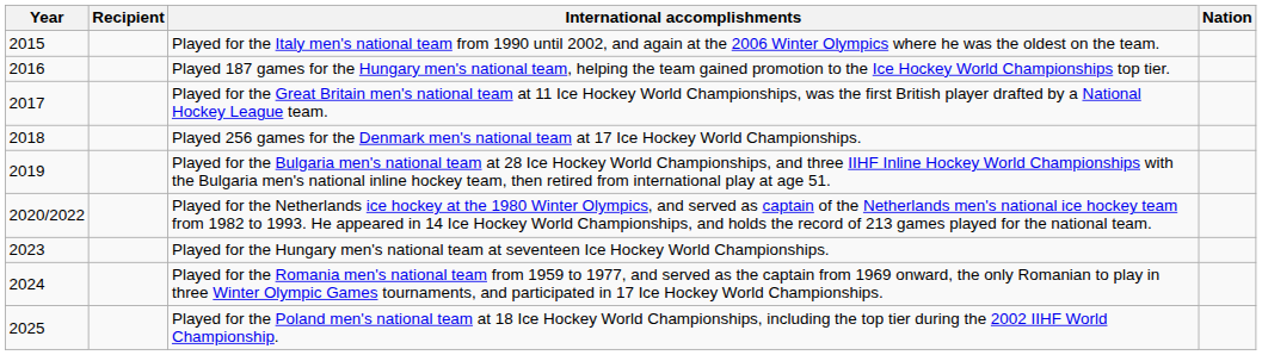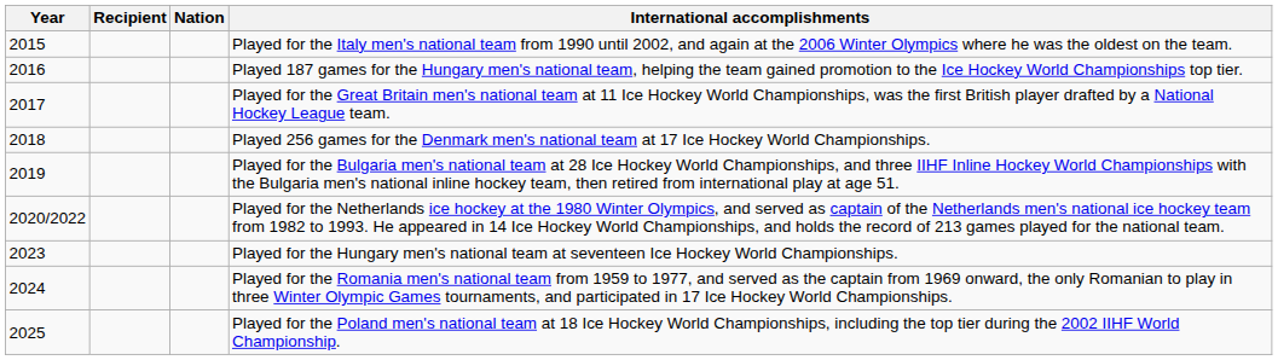 <table class="wikitable sortable">
 <tr>
 <th>Year</th>
 <th>Recipient</th>
+<th>Nation</th>
 <th>International accomplishments</th>
-<th>Nation</th>
 </tr>
 <tr>
 <td>2015</td>
 <td></td>
+<td></td>
 <td>Played for the <a href='#'>Italy men's national team</a> from 1990 until 2002, and again at the <a href='#'>2006 Winter Olympics</a> where he was the oldest on the team.</td>
-<td></td>
 </tr>
 <tr>
 <td>2016</td>
 <td></td>
+<td></td>
 <td>Played 187 games for the <a href='#'>Hungary men's national team</a>, helping the team gained promotion to the <a href='#'>Ice Hockey World Championships</a> top tier.</td>
-<td></td>
 </tr>
 <tr>
 <td>2017</td>
 <td></td>
+<td></td>
 <td>Played for the <a href='#'>Great Britain men's national team</a> at 11 Ice Hockey World Championships, was the first British player drafted by a <a href='#'>National Hockey League</a> team.</td>
-<td></td>
 </tr>
 <tr>
 <td>2018</td>
 <td></td>
+<td></td>
 <td>Played 256 games for the <a href='#'>Denmark men's national team</a> at 17 Ice Hockey World Championships.</td>
-<td></td>
 </tr>
 <tr>
 <td>2019</td>
 <td></td>
+<td></td>
 <td>Played for the <a href='#'>Bulgaria men's national team</a> at 28 Ice Hockey World Championships, and three <a href='#'>IIHF Inline Hockey World Championships</a> with the Bulgaria men's national inline hockey team, then retired from international play at age 51.</td>
-<td></td>
 </tr>
 <tr>
 <td>2020/2022</td>
 <td></td>
+<td></td>
 <td>Played for the Netherlands <a href='#'>ice hockey at the 1980 Winter Olympics</a>, and served as <a href='#'>captain</a> of the <a href='#'>Netherlands men's national ice hockey team</a> from 1982 to 1993. He appeared in 14 Ice Hockey World Championships, and holds the record of 213 games played for the national team.</td>
-<td></td>
 </tr>
 <tr>
 <td>2023</td>
 <td></td>
+<td></td>
 <td>Played for the Hungary men's national team at seventeen Ice Hockey World Championships.</td>
-<td></td>
 </tr>
 <tr>
 <td>2024</td>
 <td></td>
+<td></td>
 <td>Played for the <a href='#'>Romania men's national team</a> from 1959 to 1977, and served as the captain from 1969 onward, the only Romanian to play in three <a href='#'>Winter Olympic Games</a> tournaments, and participated in 17 Ice Hockey World Championships.</td>
-<td></td>
 </tr>
 <tr>
 <td>2025</td>
 <td></td>
+<td></td>
 <td>Played for the <a href='#'>Poland men's national team</a> at 18 Ice Hockey World Championships, including the top tier during the <a href='#'>2002 IIHF World Championship</a>.</td>
-<td></td>
 </tr>
 </table>
